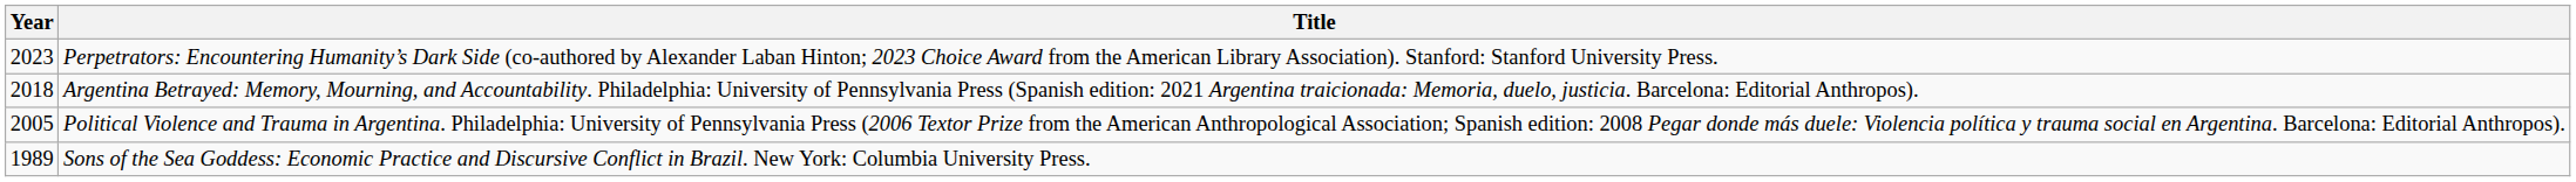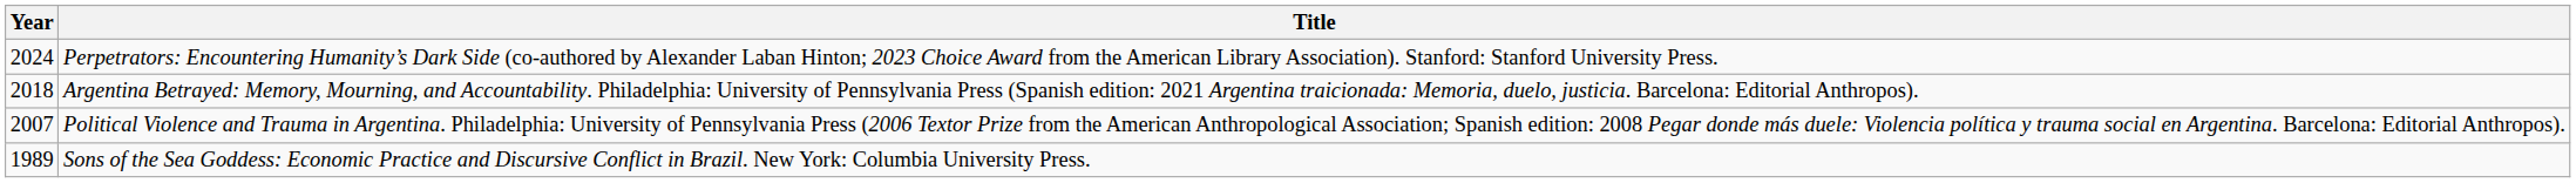 <table class="wikitable">
 <tr>
 <th>Year</th>
 <th>Title</th>
 </tr>
 <tr>
-<td>2023</td>
+<td>2024</td>
 <td><em>Perpetrators: Encountering Humanity’s Dark Side</em> (co-authored by Alexander Laban Hinton; <em>2023 Choice Award</em> from the American Library Association). Stanford: Stanford University Press.</td>
 </tr>
 <tr>
 <td>2018</td>
 <td><em>Argentina Betrayed: Memory, Mourning, and Accountability</em>. Philadelphia: University of Pennsylvania Press (Spanish edition: 2021 <em>Argentina traicionada: Memoria, duelo, justicia</em>. Barcelona: Editorial Anthropos).</td>
 </tr>
 <tr>
-<td>2005</td>
+<td>2007</td>
 <td><em>Political Violence and Trauma in Argentina</em>. Philadelphia: University of Pennsylvania Press (<em>2006 Textor Prize</em> from the American Anthropological Association; Spanish edition: 2008 <em>Pegar donde más duele: Violencia política y trauma social en Argentina</em>. Barcelona: Editorial Anthropos).</td>
 </tr>
 <tr>
 <td>1989</td>
 <td><em>Sons of the Sea Goddess: Economic Practice and Discursive Conflict in Brazil</em>. New York: Columbia University Press.</td>
 </tr>
 </table>
